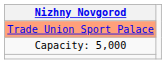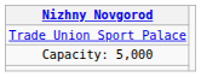 <table class="wikitable" style="margin:1em auto; text-align:center">
 <tr>
 <th><a href='#'>Nizhny Novgorod</a></th>
 <td rowspan=4></td>
 </tr>
 <tr>
-<td style="background: lightsalmon;"><a href='#'>Trade Union Sport Palace</a></td>
+<td><a href='#'>Trade Union Sport Palace</a></td>
 </tr>
 <tr>
 <td>Capacity: 5,000</td>
 </tr>
 <tr>
 <td></td>
 </tr>
 </table>
